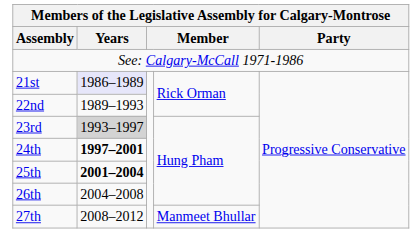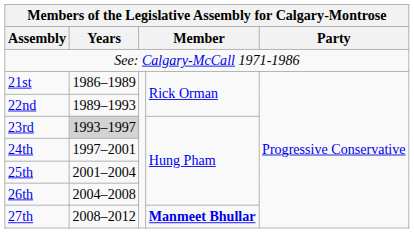 <table class="wikitable" align=right>
 <tr>
 <th colspan=5>Members of the Legislative Assembly for Calgary-Montrose</th>
 </tr>
 <tr>
 <th>Assembly</th>
 <th>Years</th>
 <th colspan="2">Member</th>
 <th>Party</th>
 </tr>
 <tr>
 <td align="center" colspan=5><em>See: <a href='#'>Calgary-McCall</a> 1971-1986</em></td>
 </tr>
 <tr>
 <td><a href='#'>21st</a></td>
-<td style="background: lavender;">1986–1989</td>
+<td>1986–1989</td>
 <td rowspan=7 ></td>
 <td rowspan=2><a href='#'>Rick Orman</a></td>
 <td rowspan=7><a href='#'>Progressive Conservative</a></td>
 </tr>
 <tr>
 <td><a href='#'>22nd</a></td>
 <td>1989–1993</td>
 </tr>
 <tr>
 <td><a href='#'>23rd</a></td>
 <td style="background: lightgrey;">1993–1997</td>
 <td rowspan=4><a href='#'>Hung Pham</a></td>
 </tr>
 <tr>
 <td><a href='#'>24th</a></td>
-<td><strong>1997–2001</strong></td>
+<td>1997–2001</td>
 </tr>
 <tr>
 <td><a href='#'>25th</a></td>
-<td><strong>2001–2004</strong></td>
+<td>2001–2004</td>
 </tr>
 <tr>
 <td><a href='#'>26th</a></td>
 <td>2004–2008</td>
 </tr>
 <tr>
 <td><a href='#'>27th</a></td>
 <td>2008–2012</td>
-<td><a href='#'>Manmeet Bhullar</a></td>
+<td><strong><a href='#'>Manmeet Bhullar</a></strong></td>
 </tr>
 </table>
